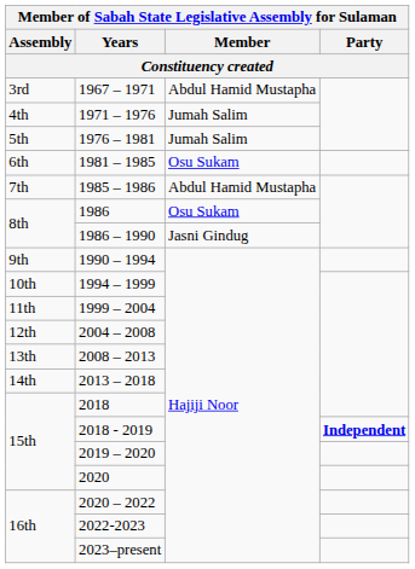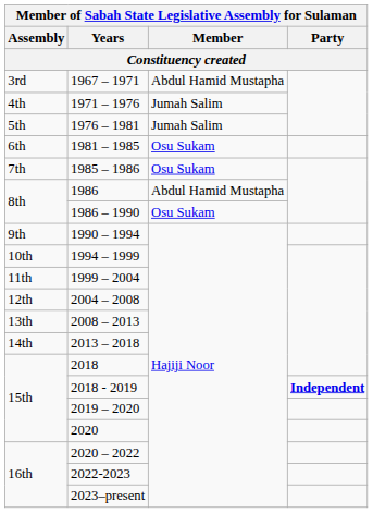 <table class="wikitable">
 <tr>
 <th colspan="4">Member of <a href='#'>Sabah State Legislative Assembly</a> for Sulaman</th>
 </tr>
 <tr>
 <th>Assembly</th>
 <th>Years</th>
 <th>Member</th>
 <th>Party</th>
 </tr>
 <tr>
 <th colspan="4" align="center"><em>Constituency created</em></th>
 </tr>
 <tr>
 <td>3rd</td>
 <td>1967 – 1971</td>
 <td>Abdul Hamid Mustapha</td>
 <td rowspan="3"></td>
 </tr>
 <tr>
 <td>4th</td>
 <td>1971 – 1976</td>
 <td>Jumah Salim</td>
 </tr>
 <tr>
 <td>5th</td>
 <td>1976 – 1981</td>
 <td>Jumah Salim</td>
 </tr>
 <tr>
 <td>6th</td>
 <td>1981 – 1985</td>
 <td><a href='#'>Osu Sukam</a></td>
 <td></td>
 </tr>
 <tr>
 <td>7th</td>
 <td>1985 – 1986</td>
-<td>Abdul Hamid Mustapha</td>
+<td><a href='#'>Osu Sukam</a></td>
 <td rowspan="3"></td>
 </tr>
 <tr>
 <td rowspan="2">8th</td>
 <td>1986</td>
-<td><a href='#'>Osu Sukam</a></td>
+<td>Abdul Hamid Mustapha</td>
 </tr>
 <tr>
 <td>1986 – 1990</td>
-<td>Jasni Gindug</td>
+<td><a href='#'>Osu Sukam</a></td>
 </tr>
 <tr>
 <td>9th</td>
 <td>1990 – 1994</td>
 <td rowspan="13"><a href='#'>Hajiji Noor</a></td>
 <td></td>
 </tr>
 <tr>
 <td>10th</td>
 <td>1994 – 1999</td>
 <td rowspan="6"></td>
 </tr>
 <tr>
 <td>11th</td>
 <td>1999 – 2004</td>
 </tr>
 <tr>
 <td>12th</td>
 <td>2004 – 2008</td>
 </tr>
 <tr>
 <td>13th</td>
 <td>2008 – 2013</td>
 </tr>
 <tr>
 <td>14th</td>
 <td>2013 – 2018</td>
 </tr>
 <tr>
 <td rowspan="4">15th</td>
 <td>2018</td>
 </tr>
 <tr>
 <td>2018 - 2019</td>
 <td><strong><a href='#'>Independent</a></strong></td>
 </tr>
 <tr>
 <td>2019 – 2020</td>
 <td></td>
 </tr>
 <tr>
 <td>2020</td>
 <td></td>
 </tr>
 <tr>
 <td rowspan="3">16th</td>
 <td>2020 – 2022</td>
 <td></td>
 </tr>
 <tr>
 <td>2022-2023</td>
 <td></td>
 </tr>
 <tr>
 <td>2023–present</td>
 <td></td>
 </tr>
 </table>
